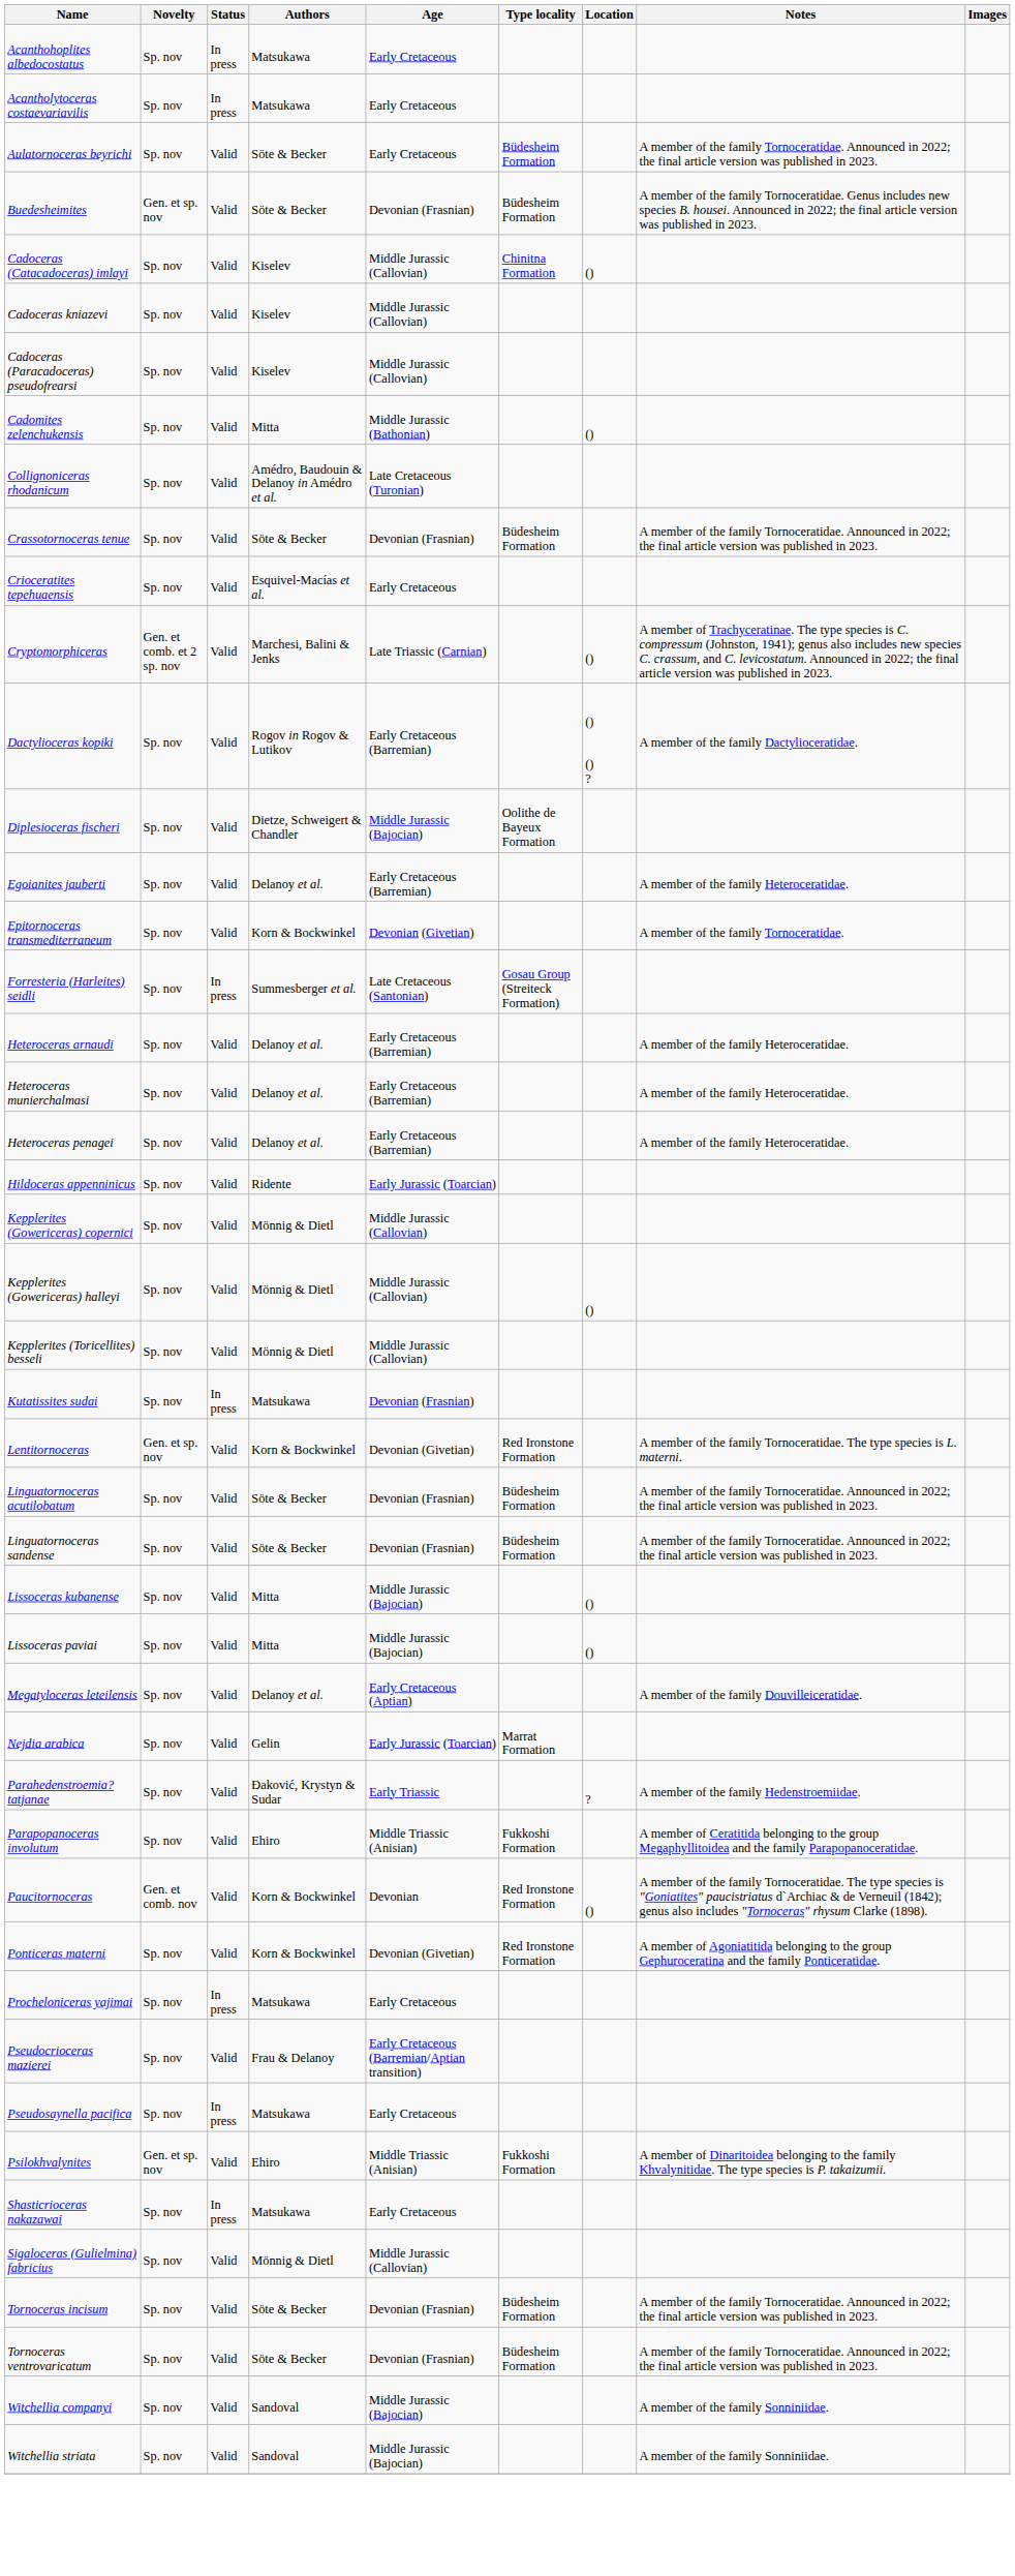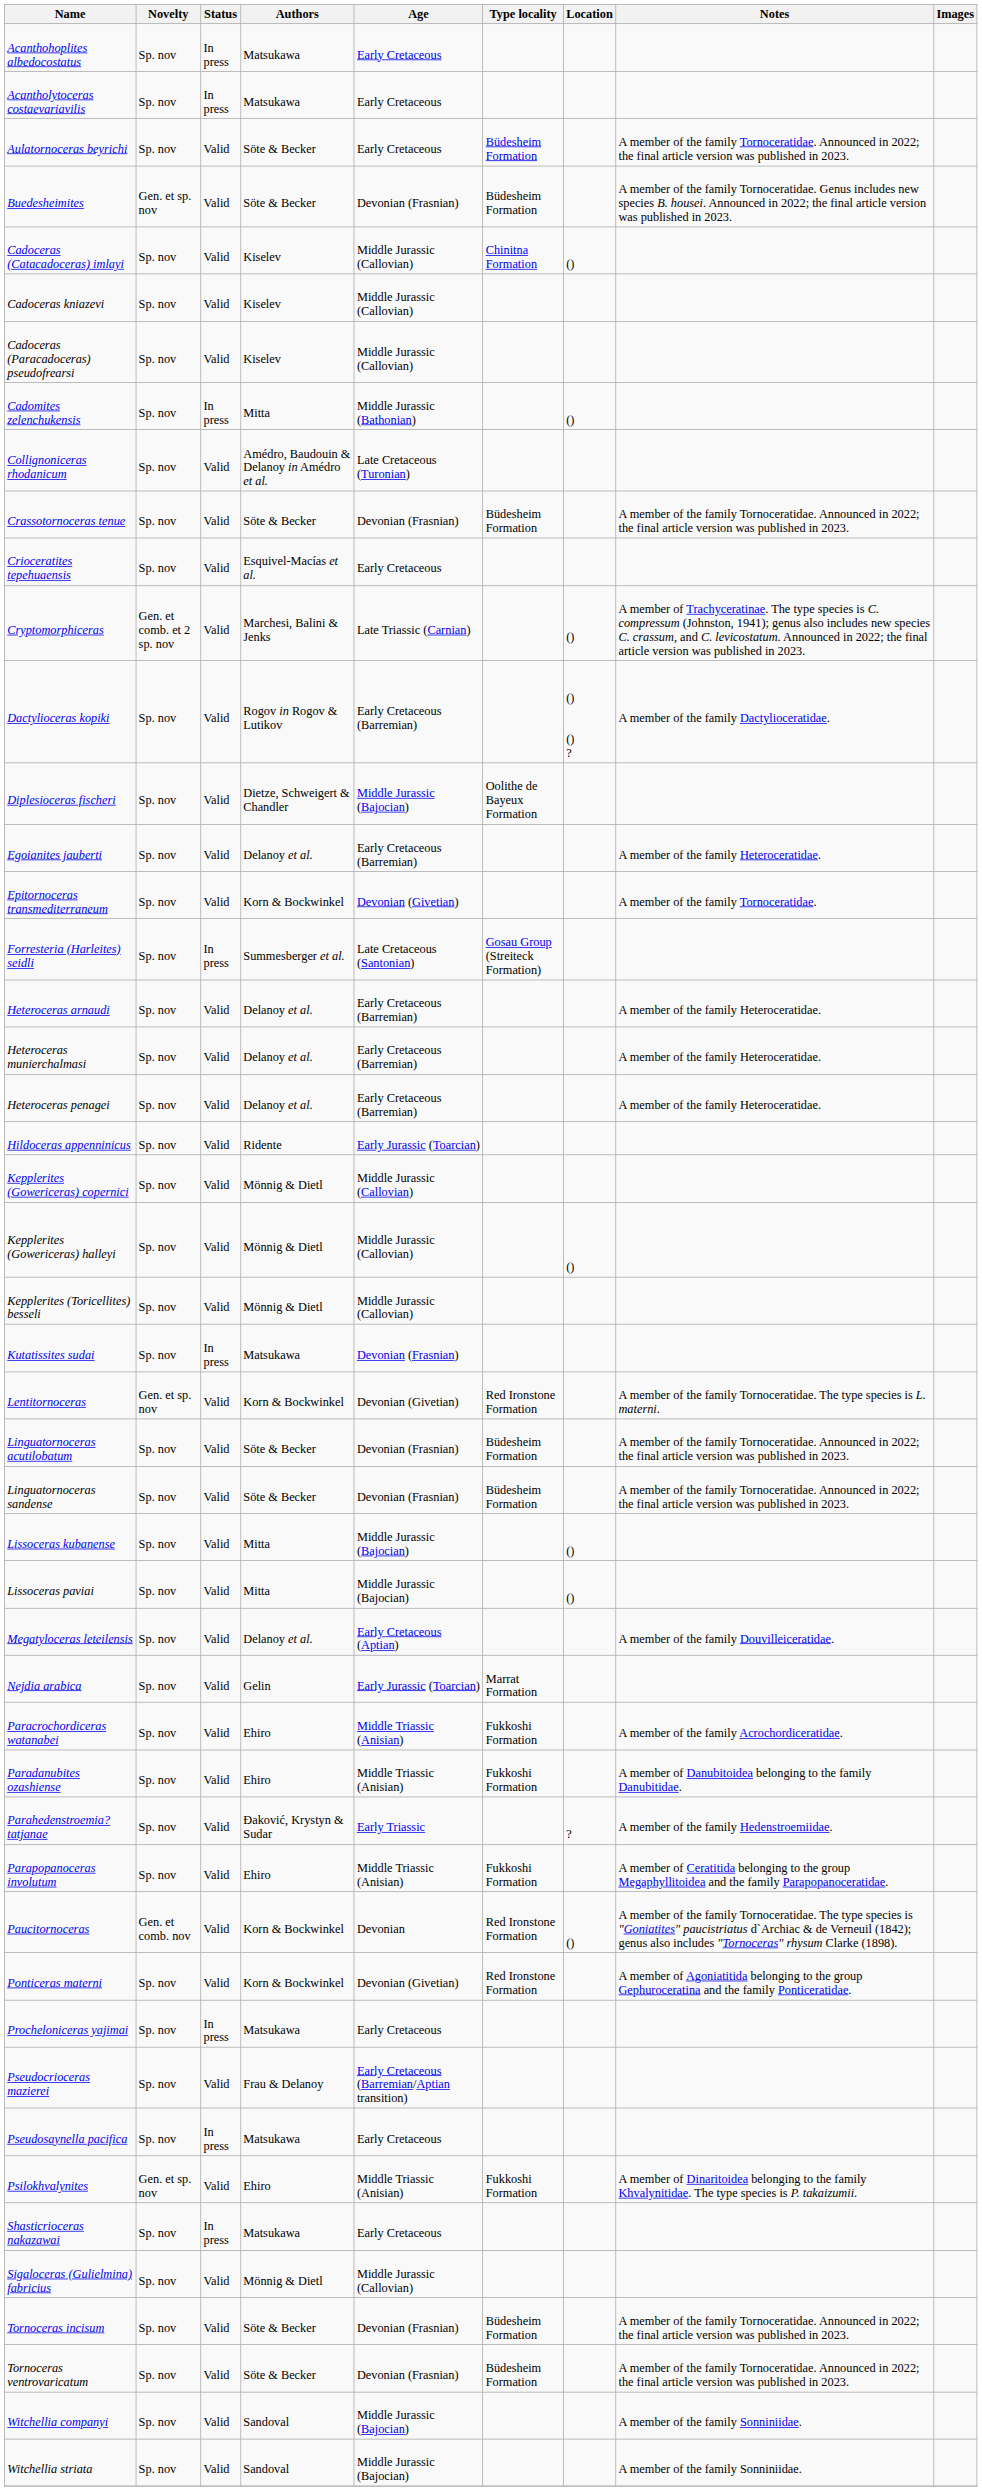 <table class="wikitable sortable" align="center" width="100%">
 <tr>
 <th>Name</th>
 <th>Novelty</th>
 <th>Status</th>
 <th>Authors</th>
 <th>Age</th>
 <th>Type locality</th>
 <th>Location</th>
 <th>Notes</th>
 <th>Images</th>
 </tr>
 <tr>
 <td><br><em><a href='#'>Acanthohoplites albedocostatus</a></em></td>
 <td><br>Sp. nov</td>
 <td><br>In press</td>
 <td><br>Matsukawa</td>
 <td><br><a href='#'>Early Cretaceous</a></td>
 <td></td>
 <td><br></td>
 <td></td>
 <td></td>
 </tr>
 <tr>
 <td><br><em><a href='#'>Acantholytoceras costaevariavilis</a></em></td>
 <td><br>Sp. nov</td>
 <td><br>In press</td>
 <td><br>Matsukawa</td>
 <td><br>Early Cretaceous</td>
 <td></td>
 <td><br></td>
 <td></td>
 <td></td>
 </tr>
 <tr>
 <td><br><em><a href='#'>Aulatornoceras beyrichi</a></em></td>
 <td><br>Sp. nov</td>
 <td><br>Valid</td>
 <td><br>Söte & Becker</td>
 <td><br>Early Cretaceous</td>
 <td><br><a href='#'>Büdesheim Formation</a></td>
 <td><br></td>
 <td><br>A member of the family <a href='#'>Tornoceratidae</a>. Announced in 2022; the final article version was published in 2023.</td>
 <td></td>
 </tr>
 <tr>
 <td><br><em><a href='#'>Buedesheimites</a></em></td>
 <td><br>Gen. et sp. nov</td>
 <td><br>Valid</td>
 <td><br>Söte & Becker</td>
 <td><br>Devonian (Frasnian)</td>
 <td><br>Büdesheim Formation</td>
 <td><br></td>
 <td><br>A member of the family Tornoceratidae. Genus includes new species <em>B. housei</em>. Announced in 2022; the final article version was published in 2023.</td>
 <td></td>
 </tr>
 <tr>
 <td><br><em><a href='#'>Cadoceras (Catacadoceras) imlayi</a></em></td>
 <td><br>Sp. nov</td>
 <td><br>Valid</td>
 <td><br>Kiselev</td>
 <td><br>Middle Jurassic (Callovian)</td>
 <td><br><a href='#'>Chinitna Formation</a></td>
 <td><br><br>()</td>
 <td></td>
 <td></td>
 </tr>
 <tr>
 <td><br><em>Cadoceras kniazevi</em></td>
 <td><br>Sp. nov</td>
 <td><br>Valid</td>
 <td><br>Kiselev</td>
 <td><br>Middle Jurassic (Callovian)</td>
 <td></td>
 <td><br></td>
 <td></td>
 <td></td>
 </tr>
 <tr>
 <td><br><em>Cadoceras (Paracadoceras) pseudofrearsi</em></td>
 <td><br>Sp. nov</td>
 <td><br>Valid</td>
 <td><br>Kiselev</td>
 <td><br>Middle Jurassic (Callovian)</td>
 <td></td>
 <td><br></td>
 <td></td>
 <td></td>
 </tr>
 <tr>
 <td><br><em><a href='#'>Cadomites zelenchukensis</a></em></td>
 <td><br>Sp. nov</td>
-<td><br>Valid</td>
+<td><br>In press</td>
 <td><br>Mitta</td>
 <td><br>Middle Jurassic (<a href='#'>Bathonian</a>)</td>
 <td></td>
 <td><br><br>()</td>
 <td></td>
 <td></td>
 </tr>
 <tr>
 <td><br><em><a href='#'>Collignoniceras rhodanicum</a></em></td>
 <td><br>Sp. nov</td>
 <td><br>Valid</td>
 <td><br>Amédro, Baudouin & Delanoy <em>in</em> Amédro <em>et al.</em></td>
 <td><br>Late Cretaceous (<a href='#'>Turonian</a>)</td>
 <td></td>
 <td><br></td>
 <td></td>
 <td></td>
 </tr>
 <tr>
 <td><br><em><a href='#'>Crassotornoceras tenue</a></em></td>
 <td><br>Sp. nov</td>
 <td><br>Valid</td>
 <td><br>Söte & Becker</td>
 <td><br>Devonian (Frasnian)</td>
 <td><br>Büdesheim Formation</td>
 <td><br></td>
 <td><br>A member of the family Tornoceratidae. Announced in 2022; the final article version was published in 2023.</td>
 <td></td>
 </tr>
 <tr>
 <td><br><em><a href='#'>Crioceratites tepehuaensis</a></em></td>
 <td><br>Sp. nov</td>
 <td><br>Valid</td>
 <td><br>Esquivel-Macías <em>et al.</em></td>
 <td><br>Early Cretaceous</td>
 <td></td>
 <td><br></td>
 <td></td>
 <td></td>
 </tr>
 <tr>
 <td><br><em><a href='#'>Cryptomorphiceras</a></em></td>
 <td><br>Gen. et comb. et 2 sp. nov</td>
 <td><br>Valid</td>
 <td><br>Marchesi, Balini & Jenks</td>
 <td><br>Late Triassic (<a href='#'>Carnian</a>)</td>
 <td></td>
 <td><br><br>()</td>
 <td><br>A member of <a href='#'>Trachyceratinae</a>. The type species is <em>C. compressum</em> (Johnston, 1941); genus also includes new species <em>C. crassum</em>, and <em>C. levicostatum</em>. Announced in 2022; the final article version was published in 2023.</td>
 <td></td>
 </tr>
 <tr>
 <td><br><em><a href='#'>Dactylioceras kopiki</a></em></td>
 <td><br>Sp. nov</td>
 <td><br>Valid</td>
 <td><br>Rogov <em>in</em> Rogov & Lutikov</td>
 <td><br>Early Cretaceous (Barremian)</td>
 <td></td>
 <td><br><br>()<br> <br> <br>()<br> ?</td>
 <td><br>A member of the family <a href='#'>Dactylioceratidae</a>.</td>
 <td></td>
 </tr>
 <tr>
 <td><br><em><a href='#'>Diplesioceras fischeri</a></em></td>
 <td><br>Sp. nov</td>
 <td><br>Valid</td>
 <td><br>Dietze, Schweigert & Chandler</td>
 <td><br><a href='#'>Middle Jurassic</a> (<a href='#'>Bajocian</a>)</td>
 <td><br>Oolithe de Bayeux Formation</td>
 <td><br></td>
 <td></td>
 <td></td>
 </tr>
 <tr>
 <td><br><em><a href='#'>Egoianites jauberti</a></em></td>
 <td><br>Sp. nov</td>
 <td><br>Valid</td>
 <td><br>Delanoy <em>et al.</em></td>
 <td><br>Early Cretaceous (Barremian)</td>
 <td></td>
 <td><br></td>
 <td><br>A member of the family <a href='#'>Heteroceratidae</a>.</td>
 <td></td>
 </tr>
 <tr>
 <td><br><em><a href='#'>Epitornoceras transmediterraneum</a></em></td>
 <td><br>Sp. nov</td>
 <td><br>Valid</td>
 <td><br>Korn & Bockwinkel</td>
 <td><br><a href='#'>Devonian</a> (<a href='#'>Givetian</a>)</td>
 <td></td>
 <td><br></td>
 <td><br>A member of the family <a href='#'>Tornoceratidae</a>.</td>
 <td></td>
 </tr>
 <tr>
 <td><br><em><a href='#'>Forresteria (Harleites) seidli</a></em></td>
 <td><br>Sp. nov</td>
 <td><br>In press</td>
 <td><br>Summesberger <em>et al.</em></td>
 <td><br>Late Cretaceous (<a href='#'>Santonian</a>)</td>
 <td><br><a href='#'>Gosau Group</a><br>(Streiteck Formation)</td>
 <td><br></td>
 <td></td>
 <td></td>
 </tr>
 <tr>
 <td><br><em><a href='#'>Heteroceras arnaudi</a></em></td>
 <td><br>Sp. nov</td>
 <td><br>Valid</td>
 <td><br>Delanoy <em>et al.</em></td>
 <td><br>Early Cretaceous (Barremian)</td>
 <td></td>
 <td><br></td>
 <td><br>A member of the family Heteroceratidae.</td>
 <td></td>
 </tr>
 <tr>
 <td><br><em>Heteroceras munierchalmasi</em></td>
 <td><br>Sp. nov</td>
 <td><br>Valid</td>
 <td><br>Delanoy <em>et al.</em></td>
 <td><br>Early Cretaceous (Barremian)</td>
 <td></td>
 <td><br></td>
 <td><br>A member of the family Heteroceratidae.</td>
 <td></td>
 </tr>
 <tr>
 <td><br><em>Heteroceras penagei</em></td>
 <td><br>Sp. nov</td>
 <td><br>Valid</td>
 <td><br>Delanoy <em>et al.</em></td>
 <td><br>Early Cretaceous (Barremian)</td>
 <td></td>
 <td><br></td>
 <td><br>A member of the family Heteroceratidae.</td>
 <td></td>
 </tr>
 <tr>
 <td><br><em><a href='#'>Hildoceras appenninicus</a></em></td>
 <td><br>Sp. nov</td>
 <td><br>Valid</td>
 <td><br>Ridente</td>
 <td><br><a href='#'>Early Jurassic</a> (<a href='#'>Toarcian</a>)</td>
 <td></td>
 <td><br></td>
 <td></td>
 <td></td>
 </tr>
 <tr>
 <td><br><em><a href='#'>Kepplerites (Gowericeras) copernici</a></em></td>
 <td><br>Sp. nov</td>
 <td><br>Valid</td>
 <td><br>Mönnig & Dietl</td>
 <td><br>Middle Jurassic (<a href='#'>Callovian</a>)</td>
 <td></td>
 <td><br></td>
 <td></td>
 <td></td>
 </tr>
 <tr>
 <td><br><em>Kepplerites (Gowericeras) halleyi</em></td>
 <td><br>Sp. nov</td>
 <td><br>Valid</td>
 <td><br>Mönnig & Dietl</td>
 <td><br>Middle Jurassic (Callovian)</td>
 <td></td>
 <td><br><br> <br> <br>()</td>
 <td></td>
 <td></td>
 </tr>
 <tr>
 <td><br><em>Kepplerites (Toricellites) besseli</em></td>
 <td><br>Sp. nov</td>
 <td><br>Valid</td>
 <td><br>Mönnig & Dietl</td>
 <td><br>Middle Jurassic (Callovian)</td>
 <td></td>
 <td><br></td>
 <td></td>
 <td></td>
 </tr>
 <tr>
 <td><br><em><a href='#'>Kutatissites sudai</a></em></td>
 <td><br>Sp. nov</td>
 <td><br>In press</td>
 <td><br>Matsukawa</td>
 <td><br><a href='#'>Devonian</a> (<a href='#'>Frasnian</a>)</td>
 <td></td>
 <td><br></td>
 <td></td>
 <td></td>
 </tr>
 <tr>
 <td><br><em><a href='#'>Lentitornoceras</a></em></td>
 <td><br>Gen. et sp. nov</td>
 <td><br>Valid</td>
 <td><br>Korn & Bockwinkel</td>
 <td><br>Devonian (Givetian)</td>
 <td><br>Red Ironstone Formation</td>
 <td><br></td>
 <td><br>A member of the family Tornoceratidae. The type species is <em>L. materni</em>.</td>
 <td></td>
 </tr>
 <tr>
 <td><br><em><a href='#'>Linguatornoceras acutilobatum</a></em></td>
 <td><br>Sp. nov</td>
 <td><br>Valid</td>
 <td><br>Söte & Becker</td>
 <td><br>Devonian (Frasnian)</td>
 <td><br>Büdesheim Formation</td>
 <td><br></td>
 <td><br>A member of the family Tornoceratidae. Announced in 2022; the final article version was published in 2023.</td>
 <td></td>
 </tr>
 <tr>
 <td><br><em>Linguatornoceras sandense</em></td>
 <td><br>Sp. nov</td>
 <td><br>Valid</td>
 <td><br>Söte & Becker</td>
 <td><br>Devonian (Frasnian)</td>
 <td><br>Büdesheim Formation</td>
 <td><br></td>
 <td><br>A member of the family Tornoceratidae. Announced in 2022; the final article version was published in 2023.</td>
 <td></td>
 </tr>
 <tr>
 <td><br><em><a href='#'>Lissoceras kubanense</a></em></td>
 <td><br>Sp. nov</td>
 <td><br>Valid</td>
 <td><br>Mitta</td>
 <td><br>Middle Jurassic (<a href='#'>Bajocian</a>)</td>
 <td></td>
 <td><br><br>()</td>
 <td></td>
 <td></td>
 </tr>
 <tr>
 <td><br><em>Lissoceras paviai</em></td>
 <td><br>Sp. nov</td>
 <td><br>Valid</td>
 <td><br>Mitta</td>
 <td><br>Middle Jurassic (Bajocian)</td>
 <td></td>
 <td><br><br>()</td>
 <td></td>
 <td></td>
 </tr>
 <tr>
 <td><br><em><a href='#'>Megatyloceras leteilensis</a></em></td>
 <td><br>Sp. nov</td>
 <td><br>Valid</td>
 <td><br>Delanoy <em>et al.</em></td>
 <td><br><a href='#'>Early Cretaceous</a> (<a href='#'>Aptian</a>)</td>
 <td></td>
 <td><br></td>
 <td><br>A member of the family <a href='#'>Douvilleiceratidae</a>.</td>
 <td></td>
 </tr>
 <tr>
 <td><br><em><a href='#'>Nejdia arabica</a></em></td>
 <td><br>Sp. nov</td>
 <td><br>Valid</td>
 <td><br>Gelin</td>
 <td><br><a href='#'>Early Jurassic</a> (<a href='#'>Toarcian</a>)</td>
 <td><br>Marrat Formation</td>
 <td><br></td>
 <td></td>
 <td></td>
 </tr>
 <tr>
+<td><br><em><a href='#'>Paracrochordiceras watanabei</a></em></td>
+<td><br>Sp. nov</td>
+<td><br>Valid</td>
+<td><br>Ehiro</td>
+<td><br><a href='#'>Middle Triassic</a> (<a href='#'>Anisian</a>)</td>
+<td><br>Fukkoshi Formation</td>
+<td><br></td>
+<td><br>A member of the family <a href='#'>Acrochordiceratidae</a>.</td>
+<td></td>
+</tr>
+<tr>
+<td><br><em><a href='#'>Paradanubites ozashiense</a></em></td>
+<td><br>Sp. nov</td>
+<td><br>Valid</td>
+<td><br>Ehiro</td>
+<td><br>Middle Triassic (Anisian)</td>
+<td><br>Fukkoshi Formation</td>
+<td><br></td>
+<td><br>A member of <a href='#'>Danubitoidea</a> belonging to the family <a href='#'>Danubitidae</a>.</td>
+<td></td>
+</tr>
+<tr>
 <td><br><em><a href='#'>Parahedenstroemia? tatjanae</a></em></td>
 <td><br>Sp. nov</td>
 <td><br>Valid</td>
 <td><br>Đaković, Krystyn & Sudar</td>
 <td><br><a href='#'>Early Triassic</a></td>
 <td></td>
 <td><br><br> ?</td>
 <td><br>A member of the family <a href='#'>Hedenstroemiidae</a>.</td>
 <td></td>
 </tr>
 <tr>
 <td><br><em><a href='#'>Parapopanoceras involutum</a></em></td>
 <td><br>Sp. nov</td>
 <td><br>Valid</td>
 <td><br>Ehiro</td>
 <td><br>Middle Triassic (Anisian)</td>
 <td><br>Fukkoshi Formation</td>
 <td><br></td>
 <td><br>A member of <a href='#'>Ceratitida</a> belonging to the group <a href='#'>Megaphyllitoidea</a> and the family <a href='#'>Parapopanoceratidae</a>.</td>
 <td></td>
 </tr>
 <tr>
 <td><br><em><a href='#'>Paucitornoceras</a></em></td>
 <td><br>Gen. et comb. nov</td>
 <td><br>Valid</td>
 <td><br>Korn & Bockwinkel</td>
 <td><br>Devonian</td>
 <td><br>Red Ironstone Formation</td>
 <td><br><br> <br>()</td>
 <td><br>A member of the family Tornoceratidae. The type species is <em>"<a href='#'>Goniatites</a>" paucistriatus</em> d`Archiac & de Verneuil (1842); genus also includes <em>"<a href='#'>Tornoceras</a>" rhysum</em>  Clarke (1898).</td>
 <td></td>
 </tr>
 <tr>
 <td><br><em><a href='#'>Ponticeras materni</a></em></td>
 <td><br>Sp. nov</td>
 <td><br>Valid</td>
 <td><br>Korn & Bockwinkel</td>
 <td><br>Devonian (Givetian)</td>
 <td><br>Red Ironstone Formation</td>
 <td><br></td>
 <td><br>A member of <a href='#'>Agoniatitida</a> belonging to the group <a href='#'>Gephuroceratina</a> and the family <a href='#'>Ponticeratidae</a>.</td>
 <td></td>
 </tr>
 <tr>
 <td><br><em><a href='#'>Procheloniceras yajimai</a></em></td>
 <td><br>Sp. nov</td>
 <td><br>In press</td>
 <td><br>Matsukawa</td>
 <td><br>Early Cretaceous</td>
 <td></td>
 <td><br></td>
 <td></td>
 <td></td>
 </tr>
 <tr>
 <td><br><em><a href='#'>Pseudocrioceras mazierei</a></em></td>
 <td><br>Sp. nov</td>
 <td><br>Valid</td>
 <td><br>Frau & Delanoy</td>
 <td><br><a href='#'>Early Cretaceous</a> (<a href='#'>Barremian</a>/<a href='#'>Aptian</a> transition)</td>
 <td></td>
 <td><br></td>
 <td></td>
 <td></td>
 </tr>
 <tr>
 <td><br><em><a href='#'>Pseudosaynella pacifica</a></em></td>
 <td><br>Sp. nov</td>
 <td><br>In press</td>
 <td><br>Matsukawa</td>
 <td><br>Early Cretaceous</td>
 <td></td>
 <td><br></td>
 <td></td>
 <td></td>
 </tr>
 <tr>
 <td><br><em><a href='#'>Psilokhvalynites</a></em></td>
 <td><br>Gen. et sp. nov</td>
 <td><br>Valid</td>
 <td><br>Ehiro</td>
 <td><br>Middle Triassic (Anisian)</td>
 <td><br>Fukkoshi Formation</td>
 <td><br></td>
 <td><br>A member of <a href='#'>Dinaritoidea</a> belonging to the family <a href='#'>Khvalynitidae</a>. The type species is <em>P. takaizumii</em>.</td>
 <td></td>
 </tr>
 <tr>
 <td><br><em><a href='#'>Shasticrioceras nakazawai</a></em></td>
 <td><br>Sp. nov</td>
 <td><br>In press</td>
 <td><br>Matsukawa</td>
 <td><br>Early Cretaceous</td>
 <td></td>
 <td><br></td>
 <td></td>
 <td></td>
 </tr>
 <tr>
 <td><br><em><a href='#'>Sigaloceras (Gulielmina) fabricius</a></em></td>
 <td><br>Sp. nov</td>
 <td><br>Valid</td>
 <td><br>Mönnig & Dietl</td>
 <td><br>Middle Jurassic (Callovian)</td>
 <td></td>
 <td><br></td>
 <td></td>
 <td></td>
 </tr>
 <tr>
 <td><br><em><a href='#'>Tornoceras incisum</a></em></td>
 <td><br>Sp. nov</td>
 <td><br>Valid</td>
 <td><br>Söte & Becker</td>
 <td><br>Devonian (Frasnian)</td>
 <td><br>Büdesheim Formation</td>
 <td><br></td>
 <td><br>A member of the family Tornoceratidae. Announced in 2022; the final article version was published in 2023.</td>
 <td></td>
 </tr>
 <tr>
 <td><br><em>Tornoceras ventrovaricatum</em></td>
 <td><br>Sp. nov</td>
 <td><br>Valid</td>
 <td><br>Söte & Becker</td>
 <td><br>Devonian (Frasnian)</td>
 <td><br>Büdesheim Formation</td>
 <td><br></td>
 <td><br>A member of the family Tornoceratidae. Announced in 2022; the final article version was published in 2023.</td>
 <td></td>
 </tr>
 <tr>
 <td><br><em><a href='#'>Witchellia companyi</a></em></td>
 <td><br>Sp. nov</td>
 <td><br>Valid</td>
 <td><br>Sandoval</td>
 <td><br>Middle Jurassic (<a href='#'>Bajocian</a>)</td>
 <td></td>
 <td><br></td>
 <td><br>A member of the family <a href='#'>Sonniniidae</a>.</td>
 <td></td>
 </tr>
 <tr>
 <td><br><em>Witchellia striata</em></td>
 <td><br>Sp. nov</td>
 <td><br>Valid</td>
 <td><br>Sandoval</td>
 <td><br>Middle Jurassic (Bajocian)</td>
 <td></td>
 <td><br></td>
 <td><br>A member of the family Sonniniidae.</td>
 <td></td>
 </tr>
 <tr>
 </tr>
 </table>
